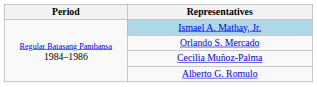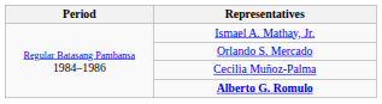 <table class="wikitable" style="text-align:center; width:40%;">
 <tr>
 <th width="40%">Period</th>
 <th>Representatives</th>
 </tr>
 <tr>
 <td rowspan="4"><small><a href='#'>Regular Batasang Pambansa</a></small><br>1984–1986</td>
-<td style="background: lightblue;"><a href='#'>Ismael A. Mathay, Jr.</a></td>
+<td><a href='#'>Ismael A. Mathay, Jr.</a></td>
 </tr>
 <tr>
 <td><a href='#'>Orlando S. Mercado</a></td>
 </tr>
 <tr>
 <td><a href='#'>Cecilia Muñoz-Palma</a></td>
 </tr>
 <tr>
-<td><a href='#'>Alberto G. Romulo</a></td>
+<td><strong><a href='#'>Alberto G. Romulo</a></strong></td>
 </tr>
 </table>
